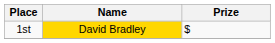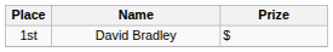 <table class="wikitable">
 <tr>
 <th width="50">Place</th>
 <th width="200">Name</th>
 <th width="125">Prize</th>
 </tr>
 <tr>
 <td align = "center">1st</td>
-<td align = "center" style="background: gold;">David Bradley</td>
+<td align = "center">David Bradley</td>
 <td>$</td>
 </tr>
 <tr>
 </tr>
 </table>
